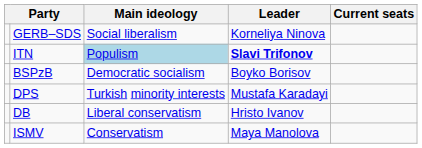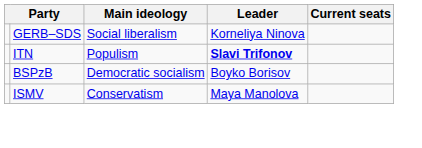 <table class=wikitable style="text-align:left">
 <tr>
 <th colspan="2">Party</th>
 <th>Main ideology</th>
 <th>Leader</th>
 <th>Current seats</th>
 </tr>
 <tr>
 <td style="color:inherit;background:"></td>
 <td><a href='#'>GERB–SDS</a></td>
 <td><a href='#'>Social liberalism</a></td>
 <td><a href='#'>Korneliya Ninova</a></td>
 <td></td>
 </tr>
 <tr>
 <td style="color:inherit;background:"></td>
 <td><a href='#'>ITN</a></td>
-<td style="background: lightblue;"><a href='#'>Populism</a></td>
+<td><a href='#'>Populism</a></td>
 <td><strong><a href='#'>Slavi Trifonov</a></strong></td>
 <td></td>
 </tr>
 <tr>
 <td style="color:inherit;background:"></td>
 <td><a href='#'>BSPzB</a></td>
 <td><a href='#'>Democratic socialism</a></td>
 <td><a href='#'>Boyko Borisov</a></td>
 <td></td>
 </tr>
 <tr>
 <td style="color:inherit;background:"></td>
-<td><a href='#'>DPS</a></td>
-<td><a href='#'>Turkish</a> <a href='#'>minority interests</a></td>
-<td><a href='#'>Mustafa Karadayi</a></td>
-<td></td>
-</tr>
-<tr>
-<td style="color:inherit;background:"></td>
-<td><a href='#'>DB</a></td>
-<td><a href='#'>Liberal conservatism</a></td>
-<td><a href='#'>Hristo Ivanov</a></td>
-<td></td>
-</tr>
-<tr>
-<td style="color:inherit;background:"></td>
 <td><a href='#'>ISMV</a></td>
 <td><a href='#'>Conservatism</a></td>
 <td><a href='#'>Maya Manolova</a></td>
 <td></td>
 </tr>
 </table>
